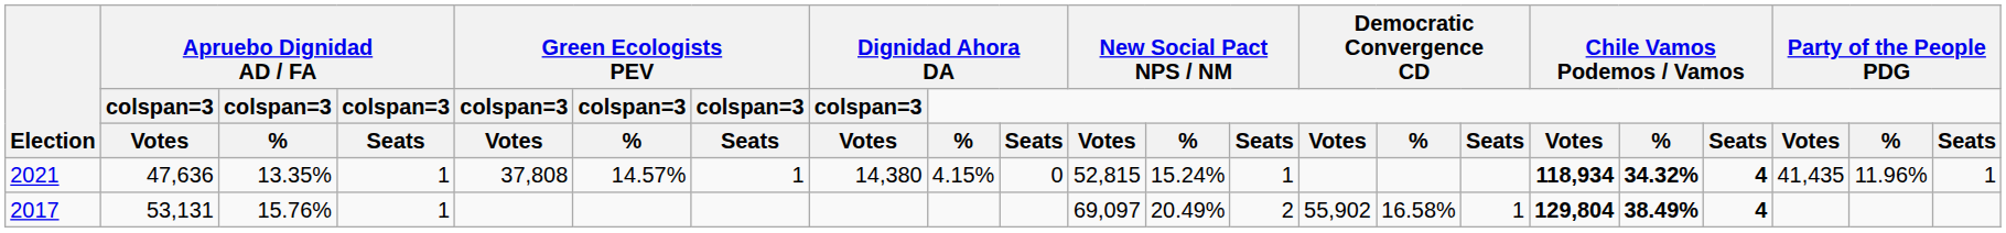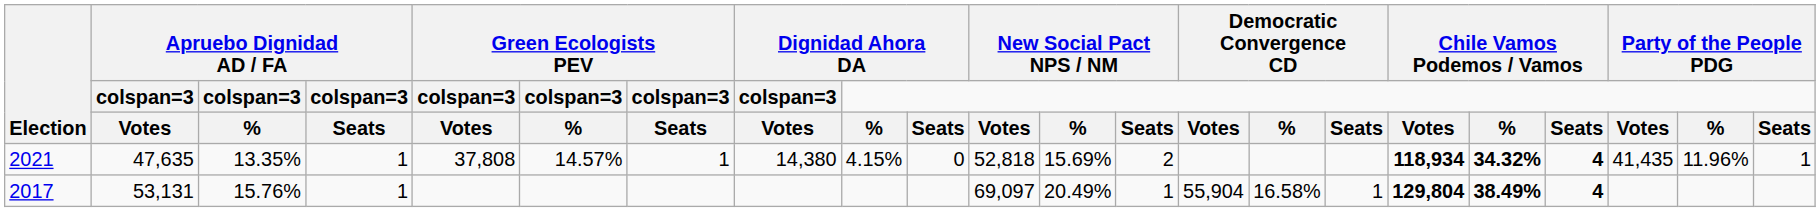 <table class="wikitable" border="1" style="font-size:95%; text-align:right;">
 <tr>
 <th style="text-align:left;" valign=bottom rowspan=3>Election</th>
 <th valign=bottom colspan=3><a href='#'>Apruebo Dignidad</a><br>AD / FA</th>
 <th valign=bottom colspan=3><a href='#'>Green Ecologists</a><br>PEV</th>
 <th valign=bottom colspan=3><a href='#'>Dignidad Ahora</a><br>DA</th>
 <th valign=bottom colspan=3><a href='#'>New Social Pact</a><br>NPS / NM</th>
 <th valign=bottom colspan=3>Democratic<br>Convergence<br>CD</th>
 <th valign=bottom colspan=3><a href='#'>Chile Vamos</a><br>Podemos / Vamos</th>
 <th valign=bottom colspan=3><a href='#'>Party of the People</a><br>PDG</th>
 </tr>
 <tr>
 <th>colspan=3 </th>
 <th>colspan=3 </th>
 <th>colspan=3 </th>
 <th>colspan=3 </th>
 <th>colspan=3 </th>
 <th>colspan=3 </th>
 <th>colspan=3 </th>
 </tr>
 <tr>
 <th>Votes</th>
 <th>%</th>
 <th>Seats</th>
 <th>Votes</th>
 <th>%</th>
 <th>Seats</th>
 <th>Votes</th>
 <th>%</th>
 <th>Seats</th>
 <th>Votes</th>
 <th>%</th>
 <th>Seats</th>
 <th>Votes</th>
 <th>%</th>
 <th>Seats</th>
 <th>Votes</th>
 <th>%</th>
 <th>Seats</th>
 <th>Votes</th>
 <th>%</th>
 <th>Seats</th>
 </tr>
 <tr>
 <td align=left><a href='#'>2021</a></td>
-<td>47,636</td>
+<td>47,635</td>
 <td>13.35%</td>
 <td>1</td>
 <td>37,808</td>
 <td>14.57%</td>
 <td>1</td>
 <td>14,380</td>
 <td>4.15%</td>
 <td>0</td>
-<td>52,815</td>
-<td>15.24%</td>
-<td>1</td>
+<td>52,818</td>
+<td>15.69%</td>
+<td>2</td>
 <td></td>
 <td></td>
 <td></td>
 <td><strong>118,934</strong></td>
 <td><strong>34.32%</strong></td>
 <td><strong>4</strong></td>
 <td>41,435</td>
 <td>11.96%</td>
 <td>1</td>
 </tr>
 <tr>
 <td align=left><a href='#'>2017</a></td>
 <td>53,131</td>
 <td>15.76%</td>
 <td>1</td>
 <td></td>
 <td></td>
 <td></td>
 <td></td>
 <td></td>
 <td></td>
 <td>69,097</td>
 <td>20.49%</td>
-<td>2</td>
-<td>55,902</td>
+<td>1</td>
+<td>55,904</td>
 <td>16.58%</td>
 <td>1</td>
 <td><strong>129,804</strong></td>
 <td><strong>38.49%</strong></td>
 <td><strong>4</strong></td>
 <td></td>
 <td></td>
 <td></td>
 </tr>
 </table>
